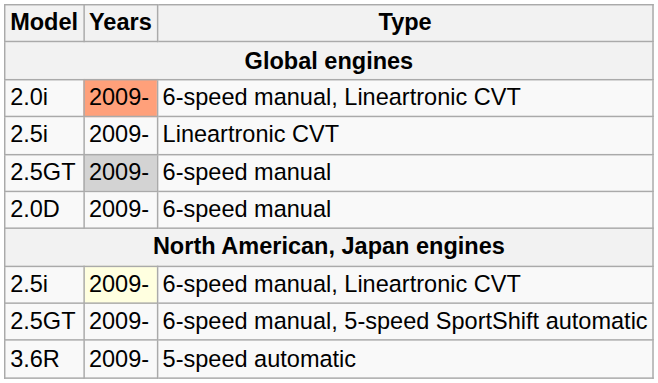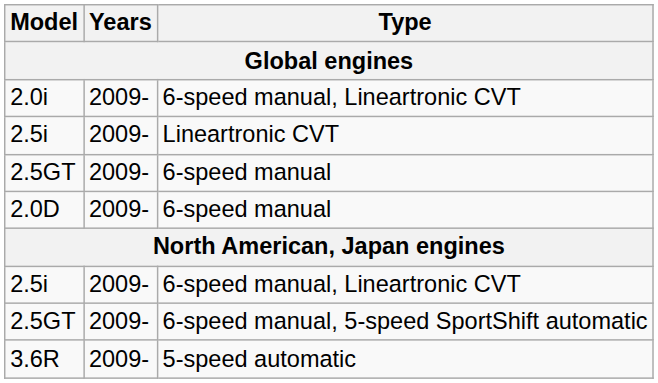 <table class="wikitable">
 <tr>
 <th>Model</th>
 <th>Years</th>
 <th>Type</th>
 </tr>
 <tr>
 <th colspan=4>Global engines</th>
 </tr>
 <tr>
 <td>2.0i</td>
-<td style="background: lightsalmon;">2009-</td>
+<td>2009-</td>
 <td>6-speed manual, Lineartronic CVT</td>
 </tr>
 <tr>
 <td>2.5i</td>
 <td>2009-</td>
 <td>Lineartronic CVT</td>
 </tr>
 <tr>
 <td>2.5GT</td>
-<td style="background: lightgrey;">2009-</td>
+<td>2009-</td>
 <td>6-speed manual</td>
 </tr>
 <tr>
 <td>2.0D</td>
 <td>2009-</td>
 <td>6-speed manual</td>
 </tr>
 <tr>
 <th colspan=4>North American, Japan engines</th>
 </tr>
 <tr>
 <td>2.5i</td>
-<td style="background: lightyellow;">2009-</td>
+<td>2009-</td>
 <td>6-speed manual, Lineartronic CVT</td>
 </tr>
 <tr>
 <td>2.5GT</td>
 <td>2009-</td>
 <td>6-speed manual, 5-speed SportShift automatic</td>
 </tr>
 <tr>
 <td>3.6R</td>
 <td>2009-</td>
 <td>5-speed automatic</td>
 </tr>
 </table>
